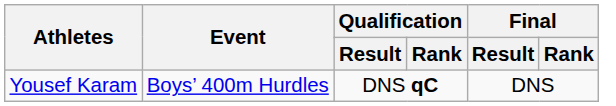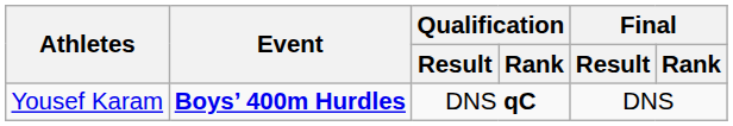 <table class="wikitable" border="1" style="font-size:90%">
 <tr>
 <th rowspan=2>Athletes</th>
 <th rowspan=2>Event</th>
 <th colspan=2>Qualification</th>
 <th colspan=2>Final</th>
 </tr>
 <tr>
 <th>Result</th>
 <th>Rank</th>
 <th>Result</th>
 <th>Rank</th>
 </tr>
 <tr>
 <td><a href='#'>Yousef Karam</a></td>
-<td><a href='#'>Boys’ 400m Hurdles</a></td>
+<td><strong><a href='#'>Boys’ 400m Hurdles</a></strong></td>
 <td align=center colspan=2>DNS <strong>qC</strong></td>
 <td align=center colspan=2>DNS</td>
 </tr>
 </table>
